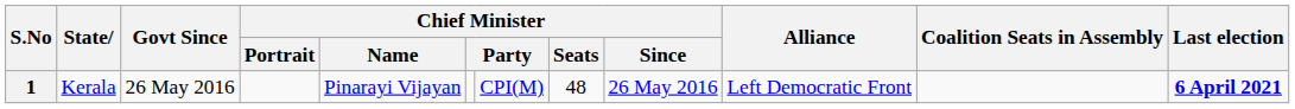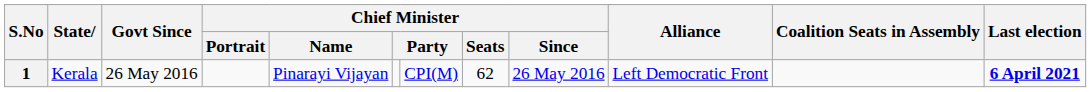 <table class="wikitable sortable">
 <tr>
 <th rowspan="2">S.No</th>
 <th rowspan="2">State/</th>
 <th rowspan="2">Govt Since</th>
 <th colspan="6">Chief Minister</th>
 <th rowspan="2">Alliance</th>
 <th rowspan="2">Coalition Seats in Assembly</th>
 <th rowspan="2">Last election</th>
 </tr>
 <tr>
 <th>Portrait</th>
 <th>Name</th>
 <th colspan="2">Party</th>
 <th>Seats</th>
 <th>Since</th>
 </tr>
 <tr>
 <th style="text-align: center;">1</th>
 <td style="text-align: center;"><a href='#'>Kerala</a></td>
 <td style="text-align: center;">26 May 2016</td>
 <td></td>
 <td style="text-align: center;"><a href='#'>Pinarayi Vijayan</a></td>
 <td></td>
 <td style="text-align: center;"><a href='#'>CPI(M)</a></td>
-<td style="text-align: center;">48</td>
+<td style="text-align: center;">62</td>
 <td style="text-align: center;"><a href='#'>26 May 2016</a></td>
 <td style="text-align: center;"><a href='#'>Left Democratic Front</a></td>
 <td style="text-align: center;"><a href='#'></a></td>
 <td style="text-align: center;"><strong><a href='#'>6 April 2021</a></strong></td>
 </tr>
 </table>
